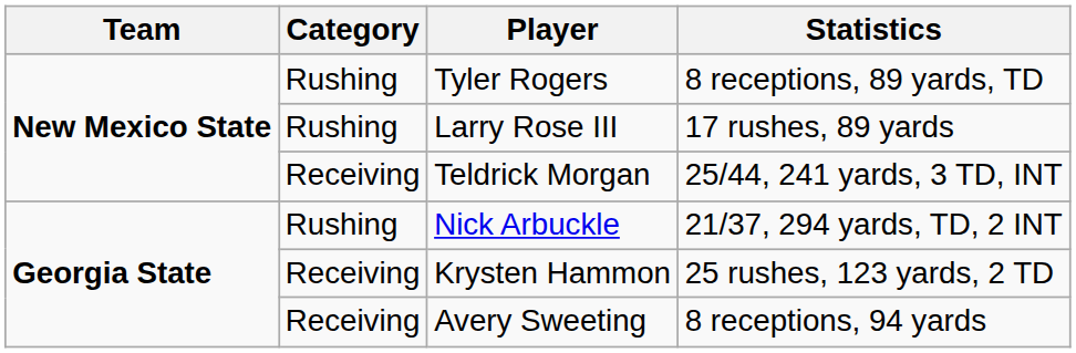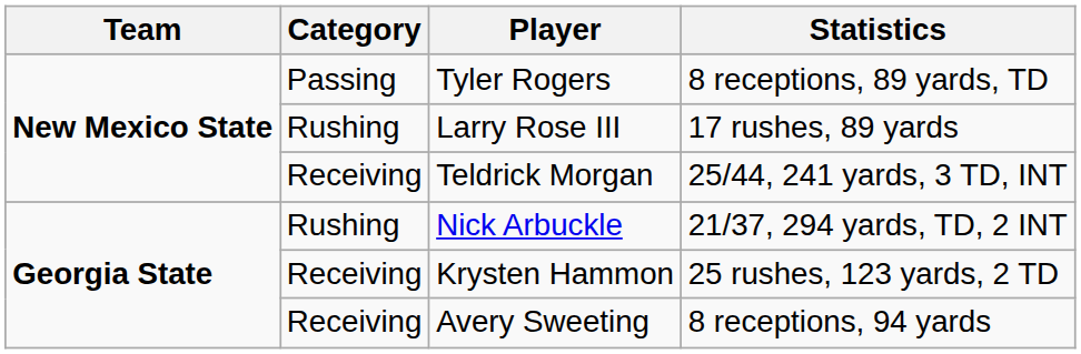 <table class="wikitable" style="float: left;">
 <tr>
 <th>Team</th>
 <th>Category</th>
 <th>Player</th>
 <th>Statistics</th>
 </tr>
 <tr>
 <td rowspan=3><strong>New Mexico State</strong></td>
-<td>Rushing</td>
+<td>Passing</td>
 <td>Tyler Rogers</td>
 <td>8 receptions, 89 yards, TD</td>
 </tr>
 <tr>
 <td>Rushing</td>
 <td>Larry Rose III</td>
 <td>17 rushes, 89 yards</td>
 </tr>
 <tr>
 <td>Receiving</td>
 <td>Teldrick Morgan</td>
 <td>25/44, 241 yards, 3 TD, INT</td>
 </tr>
 <tr>
 <td rowspan=3><strong>Georgia State</strong></td>
 <td>Rushing</td>
 <td><a href='#'>Nick Arbuckle</a></td>
 <td>21/37, 294 yards, TD, 2 INT</td>
 </tr>
 <tr>
 <td>Receiving</td>
 <td>Krysten Hammon</td>
 <td>25 rushes, 123 yards, 2 TD</td>
 </tr>
 <tr>
 <td>Receiving</td>
 <td>Avery Sweeting</td>
 <td>8 receptions, 94 yards</td>
 </tr>
 </table>
